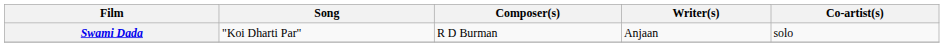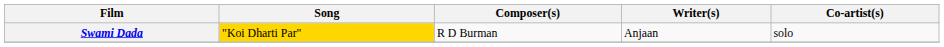 <table class="wikitable plainrowheaders" width="100%" textcolor:#000;">
 <tr>
 <th scope="col" width=23%>Film</th>
 <th scope="col" width=23%>Song</th>
 <th scope="col" width=20%>Composer(s)</th>
 <th scope="col" width=16%>Writer(s)</th>
 <th scope="col" width=18%>Co-artist(s)</th>
 </tr>
 <tr>
 <th><em><a href='#'>Swami Dada</a></em></th>
-<td>"Koi Dharti Par"</td>
+<td style="background: gold;">"Koi Dharti Par"</td>
 <td>R D Burman</td>
 <td>Anjaan</td>
 <td>solo</td>
 </tr>
 <tr>
 </tr>
 </table>
